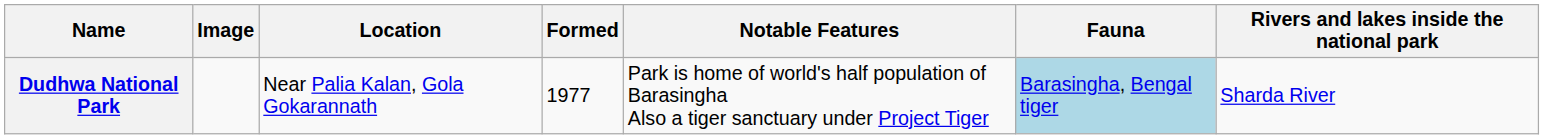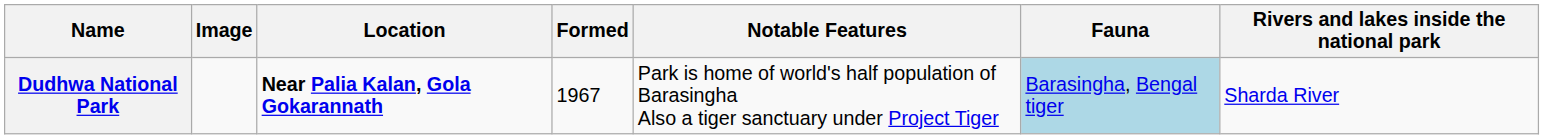 <table class="wikitable sortable">
 <tr>
 <th>Name</th>
 <th>Image</th>
 <th>Location</th>
 <th>Formed</th>
 <th>Notable Features</th>
 <th>Fauna</th>
 <th>Rivers and lakes inside the national park</th>
 </tr>
 <tr>
 <th><a href='#'>Dudhwa National Park</a></th>
 <td><br> </td>
-<td>Near <a href='#'>Palia Kalan</a>, <a href='#'>Gola Gokarannath</a></td>
-<td>1977</td>
+<td><strong>Near <a href='#'>Palia Kalan</a>, <a href='#'>Gola Gokarannath</a></strong></td>
+<td>1967</td>
 <td>Park is home of world's half population of Barasingha<br>Also a tiger sanctuary under <a href='#'>Project Tiger</a></td>
 <td style="background: lightblue;"><a href='#'>Barasingha</a>, <a href='#'>Bengal tiger</a></td>
 <td><a href='#'>Sharda River</a></td>
 </tr>
 </table>
